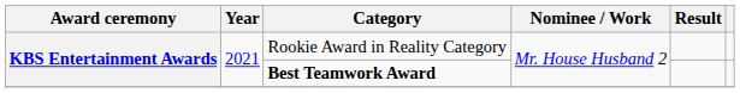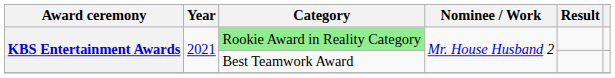 <table class="wikitable plainrowheaders sortable">
 <tr>
 <th scope="col">Award ceremony</th>
 <th scope="col">Year</th>
 <th scope="col">Category</th>
 <th scope="col">Nominee / Work</th>
 <th scope="col">Result</th>
 <th scope="col" class="unsortable"></th>
 </tr>
 <tr>
 <th scope="row"  rowspan="2"><a href='#'>KBS Entertainment Awards</a></th>
 <td rowspan="2"><a href='#'>2021</a></td>
-<td>Rookie Award in Reality Category</td>
+<td style="background: lightgreen;">Rookie Award in Reality Category</td>
 <td rowspan="2"><em><a href='#'>Mr. House Husband</a> 2</em></td>
 <td></td>
 <td></td>
 </tr>
 <tr>
-<td><strong>Best Teamwork Award</strong></td>
+<td>Best Teamwork Award</td>
 <td></td>
 <td></td>
 </tr>
 <tr>
 </tr>
 </table>
